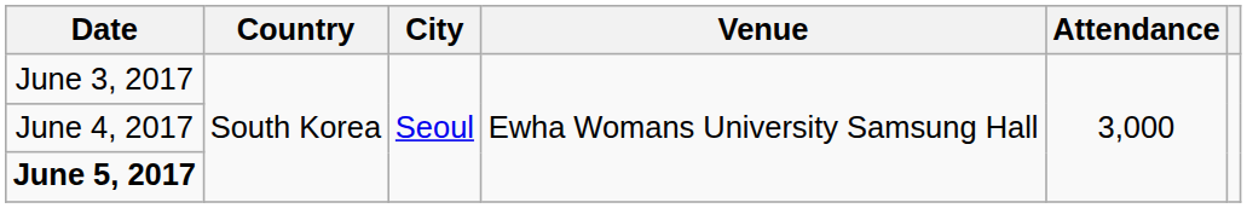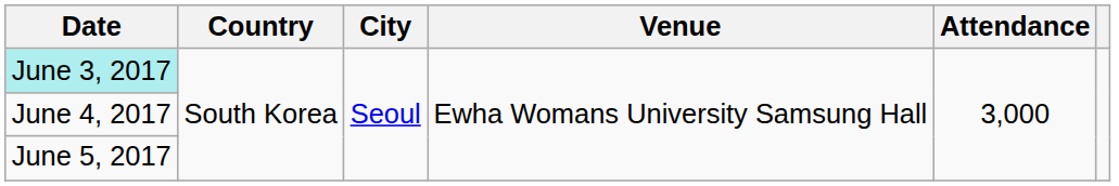 <table class="wikitable plainrowheaders" style="text-align:center">
 <tr>
 <th scope="col">Date</th>
 <th scope="col">Country</th>
 <th scope="col">City</th>
 <th scope="col">Venue</th>
 <th scope="col">Attendance</th>
 <th scope="col" class="unsortable"></th>
 </tr>
 <tr>
-<td>June 3, 2017</td>
+<td style="background: paleturquoise;">June 3, 2017</td>
 <td rowspan="3">South Korea</td>
 <td rowspan="3"><a href='#'>Seoul</a></td>
 <td rowspan="3">Ewha Womans University Samsung Hall</td>
 <td rowspan="3">3,000</td>
 <td rowspan="3"></td>
 </tr>
 <tr>
 <td>June 4, 2017</td>
 </tr>
 <tr>
-<td><strong>June 5, 2017</strong></td>
+<td>June 5, 2017</td>
 </tr>
 </table>
